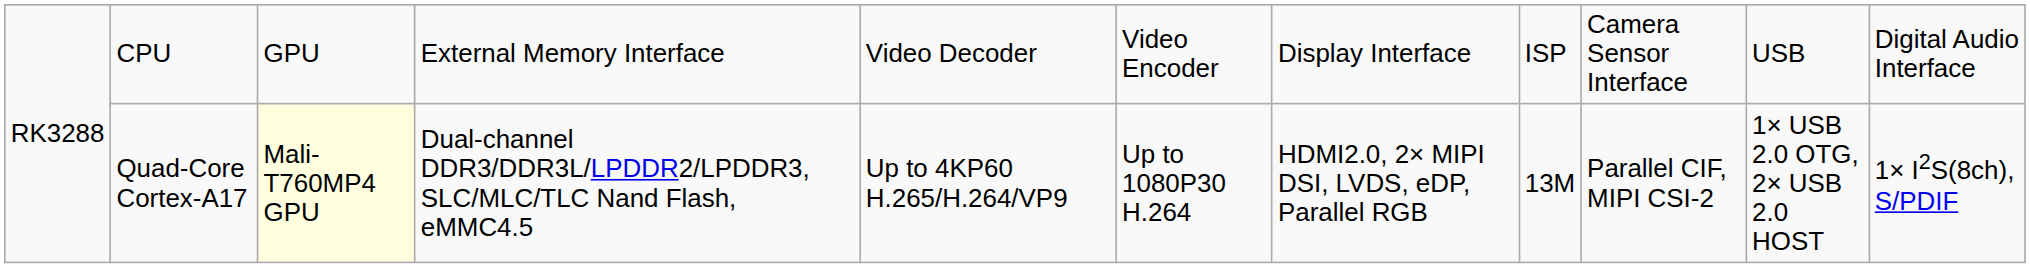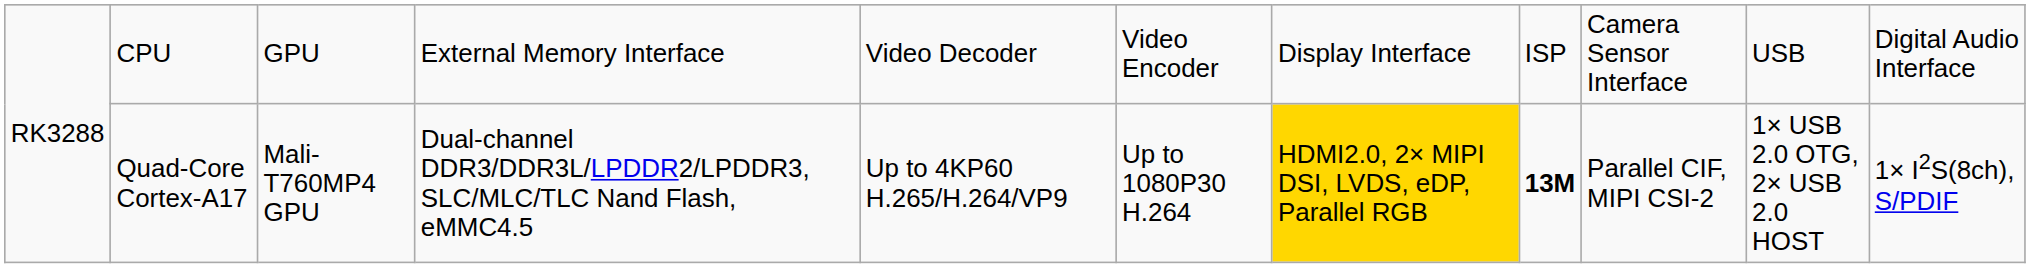 <table class="wikitable">
 <tr>
 <td rowspan="2">RK3288</td>
 <td>CPU</td>
 <td>GPU</td>
 <td>External Memory Interface</td>
 <td>Video Decoder</td>
 <td>Video Encoder</td>
 <td>Display Interface</td>
 <td>ISP</td>
 <td>Camera Sensor Interface</td>
 <td>USB</td>
 <td>Digital Audio Interface</td>
 </tr>
 <tr>
 <td>Quad-Core Cortex-A17</td>
-<td style="background: lightyellow;">Mali-T760MP4 GPU</td>
+<td>Mali-T760MP4 GPU</td>
 <td>Dual-channel DDR3/DDR3L/<a href='#'>LPDDR</a>2/LPDDR3,<br>SLC/MLC/TLC Nand Flash, eMMC4.5</td>
 <td>Up to 4KP60 H.265/H.264/VP9</td>
 <td>Up to 1080P30 H.264</td>
-<td>HDMI2.0, 2× MIPI DSI, LVDS, eDP, Parallel RGB</td>
-<td>13M</td>
+<td style="background: gold;">HDMI2.0, 2× MIPI DSI, LVDS, eDP, Parallel RGB</td>
+<td><strong>13M</strong></td>
 <td>Parallel CIF, MIPI CSI-2</td>
 <td>1× USB 2.0 OTG,<br>2× USB 2.0 HOST</td>
 <td>1× I<sup>2</sup>S(8ch),<br><a href='#'>S/PDIF</a></td>
 </tr>
 </table>
